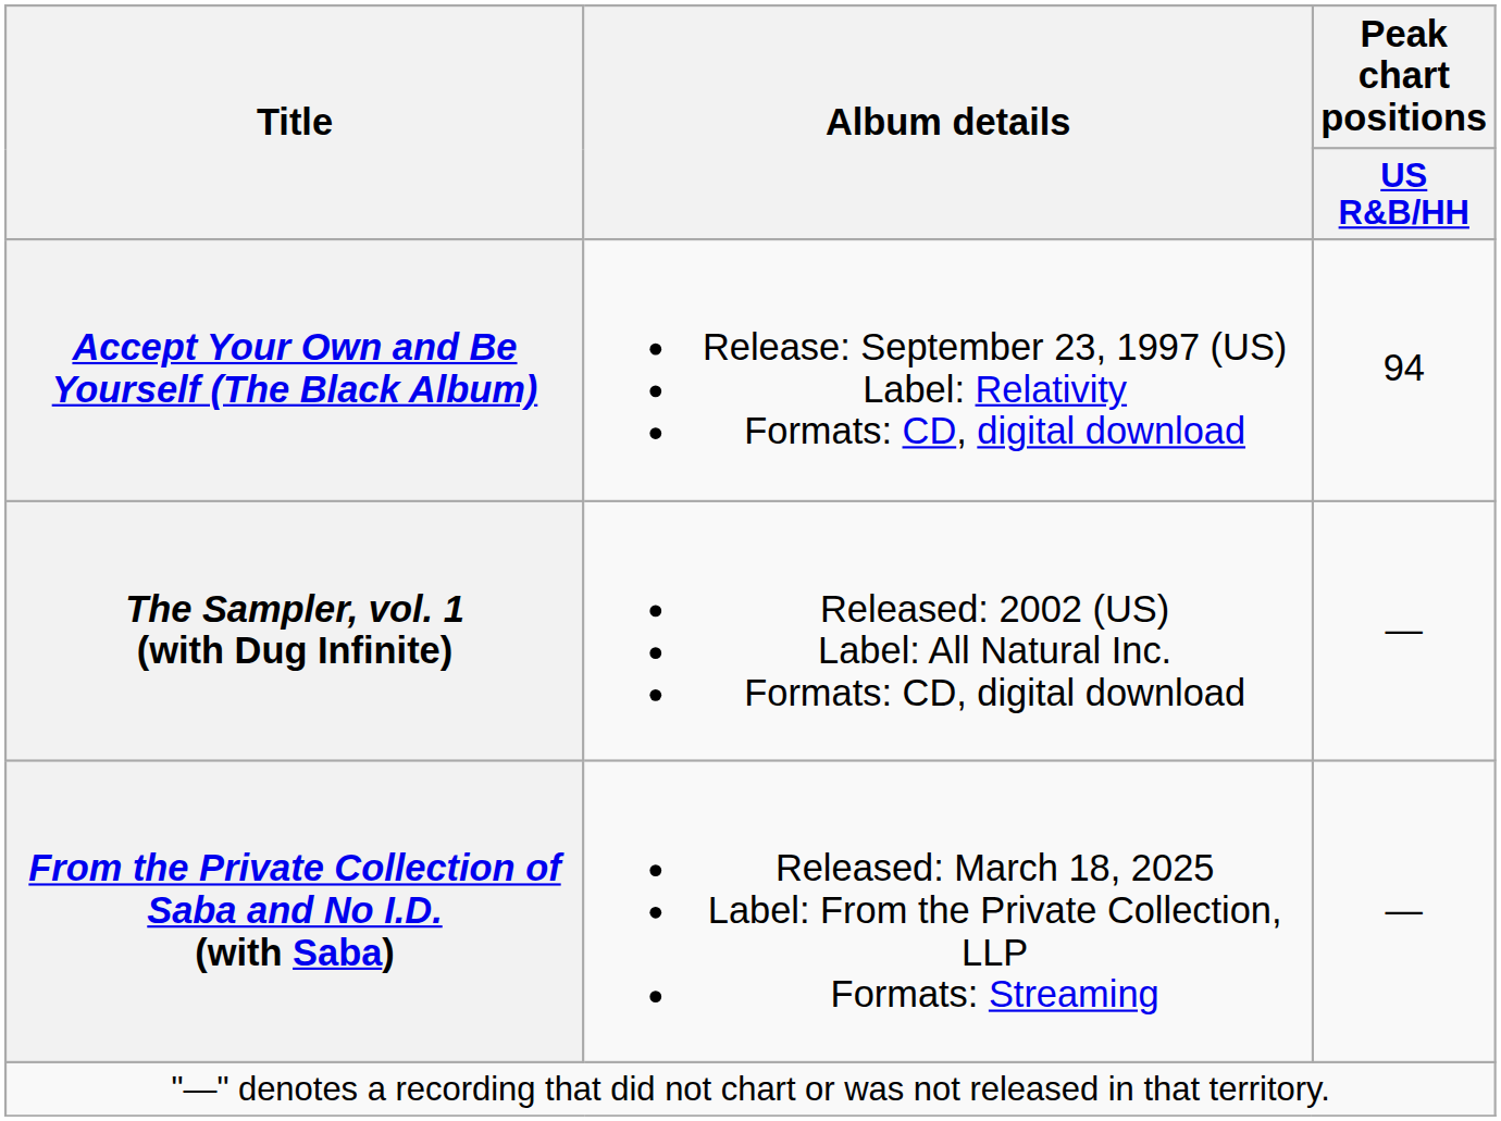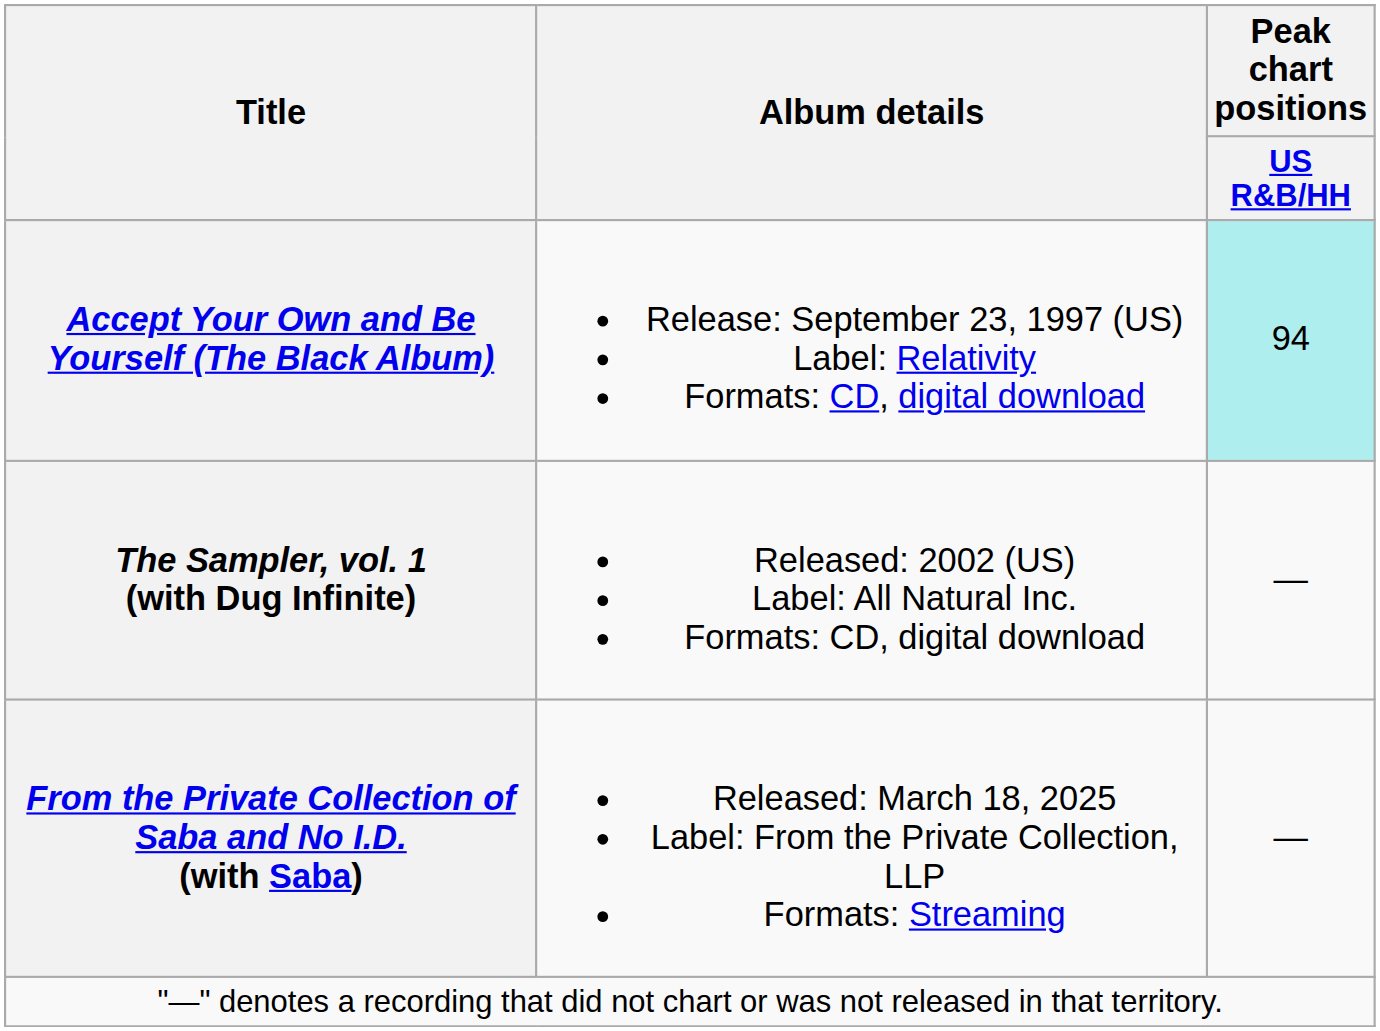 <table class="wikitable plainrowheaders" style="text-align:center;">
 <tr>
 <th scope="col" rowspan="2" style="width:15em;">Title</th>
 <th scope="col" rowspan="2" style="width:19em;">Album details</th>
 <th scope="col">Peak chart positions</th>
 </tr>
 <tr>
 <th scope="col" style="width:3em;font-size:90%;"><a href='#'>US<br>R&B/HH</a></th>
 </tr>
 <tr>
 <th scope="row"><em><a href='#'>Accept Your Own and Be Yourself (The Black Album)</a></em></th>
 <td><br><ul><li>Release: September 23, 1997 <span>(US)</span></li><li>Label: <a href='#'>Relativity</a></li><li>Formats: <a href='#'>CD</a>, <a href='#'>digital download</a></li></ul></td>
-<td>94</td>
+<td style="background: paleturquoise;">94</td>
 </tr>
 <tr>
 <th scope="row"><em>The Sampler, vol. 1</em><br><span>(with Dug Infinite)</span></th>
 <td><br><ul><li>Released: 2002 <span>(US)</span></li><li>Label: All Natural Inc.</li><li>Formats: CD, digital download</li></ul></td>
 <td>—</td>
 </tr>
 <tr>
 <th scope="row"><em><a href='#'>From the Private Collection of Saba and No I.D.</a></em><br><span>(with <a href='#'>Saba</a>)</span></th>
 <td><br><ul><li>Released: March 18, 2025</li><li>Label: From the Private Collection, LLP</li><li>Formats: <a href='#'>Streaming</a></li></ul></td>
 <td>—</td>
 </tr>
 <tr>
 <td colspan="4" style="font-size:90%">"—" denotes a recording that did not chart or was not released in that territory.</td>
 </tr>
 </table>
